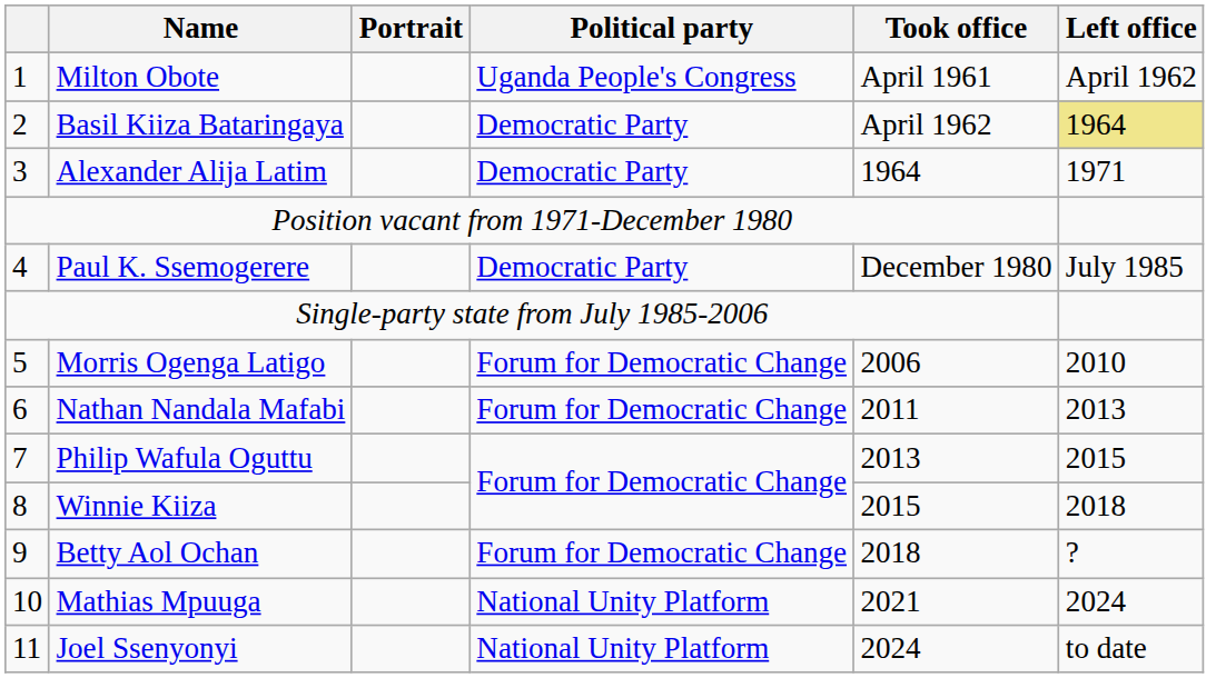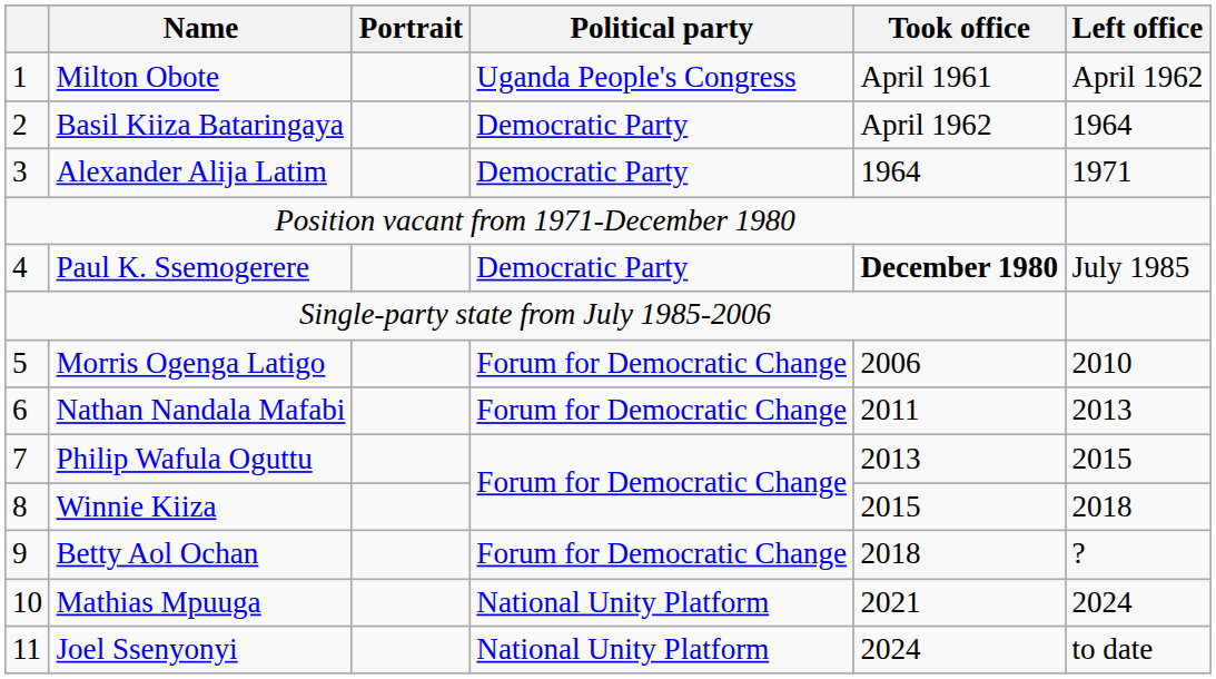 <table class="wikitable sortable">
 <tr>
 <th></th>
 <th>Name</th>
 <th>Portrait</th>
 <th>Political party</th>
 <th>Took office</th>
 <th>Left office</th>
 </tr>
 <tr>
 <td>1</td>
 <td><a href='#'>Milton Obote</a></td>
 <td></td>
 <td><a href='#'>Uganda People's Congress</a></td>
 <td>April 1961</td>
 <td>April 1962</td>
 </tr>
 <tr>
 <td>2</td>
 <td><a href='#'>Basil Kiiza Bataringaya</a></td>
 <td></td>
 <td><a href='#'>Democratic Party</a></td>
 <td>April 1962</td>
-<td style="background: khaki;">1964</td>
+<td>1964</td>
 </tr>
 <tr>
 <td>3</td>
 <td><a href='#'>Alexander Alija Latim</a></td>
 <td></td>
 <td><a href='#'>Democratic Party</a></td>
 <td>1964</td>
 <td>1971</td>
 </tr>
 <tr>
 <td colspan="5" style="text-align:center"><em>Position vacant from 1971-December 1980</em></td>
 </tr>
 <tr>
 <td>4</td>
 <td><a href='#'>Paul K. Ssemogerere</a></td>
 <td></td>
 <td><a href='#'>Democratic Party</a></td>
-<td>December 1980</td>
+<td><strong>December 1980</strong></td>
 <td>July 1985</td>
 </tr>
 <tr>
 <td colspan="5" style="text-align:center"><em>Single-party state from July 1985-2006</em></td>
 </tr>
 <tr>
 <td>5</td>
 <td><a href='#'>Morris Ogenga Latigo</a></td>
 <td></td>
 <td><a href='#'>Forum for Democratic Change</a></td>
 <td>2006</td>
 <td>2010</td>
 </tr>
 <tr>
 <td>6</td>
 <td><a href='#'>Nathan Nandala Mafabi</a></td>
 <td></td>
 <td><a href='#'>Forum for Democratic Change</a></td>
 <td>2011</td>
 <td>2013</td>
 </tr>
 <tr>
 <td>7</td>
 <td><a href='#'>Philip Wafula Oguttu</a></td>
 <td></td>
 <td rowspan="2"><a href='#'>Forum for Democratic Change</a></td>
 <td>2013</td>
 <td>2015</td>
 </tr>
 <tr>
 <td>8</td>
 <td><a href='#'>Winnie Kiiza</a></td>
 <td></td>
 <td>2015</td>
 <td>2018</td>
 </tr>
 <tr>
 <td>9</td>
 <td><a href='#'>Betty Aol Ochan</a></td>
 <td></td>
 <td><a href='#'>Forum for Democratic Change</a></td>
 <td>2018</td>
 <td>?</td>
 </tr>
 <tr>
 <td>10</td>
 <td><a href='#'>Mathias Mpuuga</a></td>
 <td></td>
 <td><a href='#'>National Unity Platform</a></td>
 <td>2021</td>
 <td>2024</td>
 </tr>
 <tr>
 <td>11</td>
 <td><a href='#'>Joel Ssenyonyi</a></td>
 <td></td>
 <td><a href='#'>National Unity Platform</a></td>
 <td>2024</td>
 <td>to date</td>
 </tr>
 </table>
